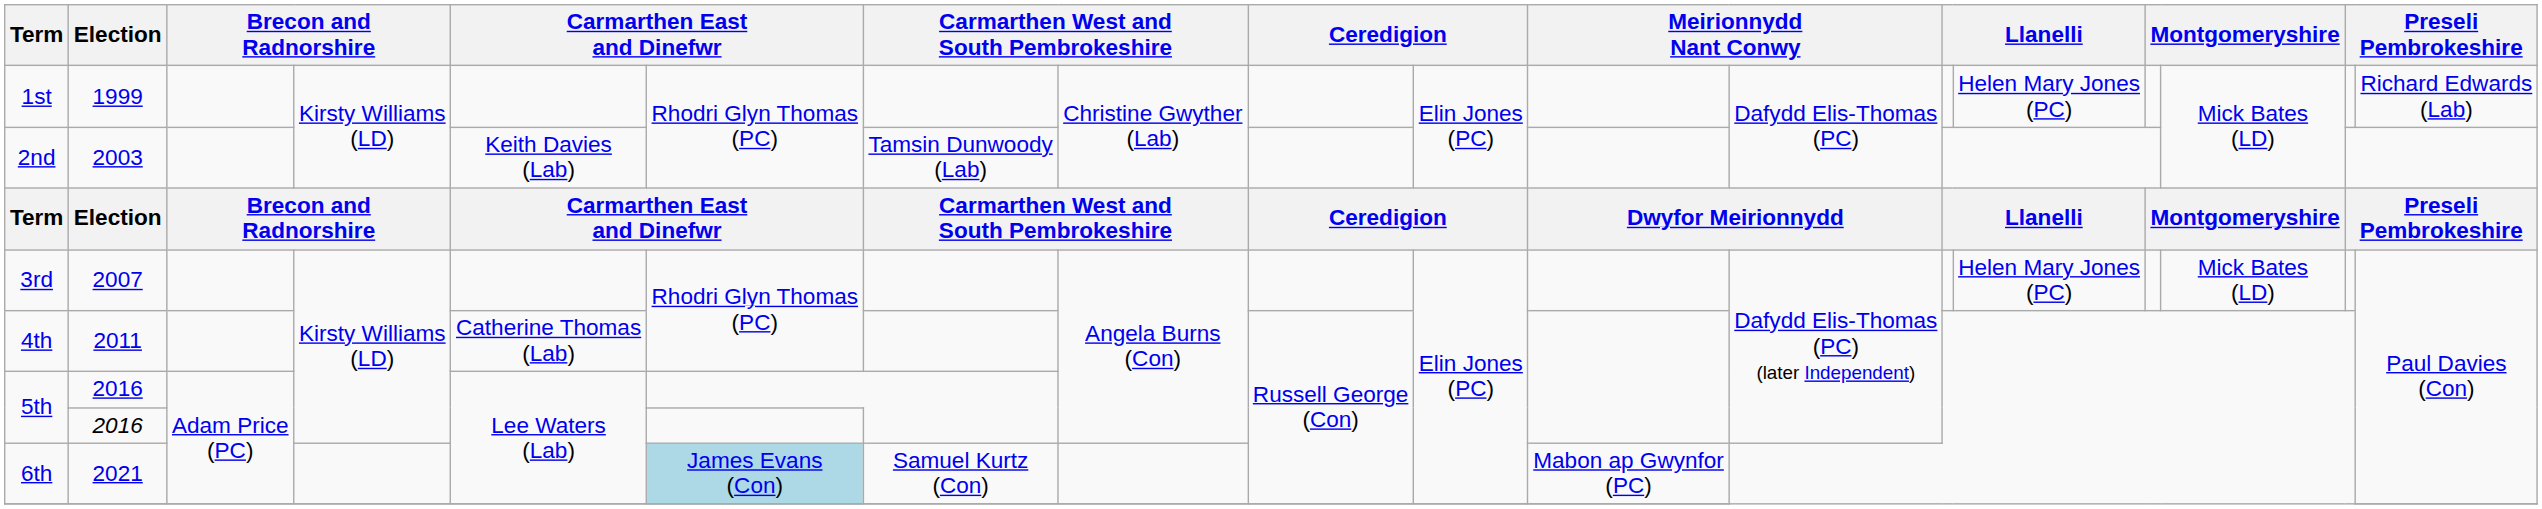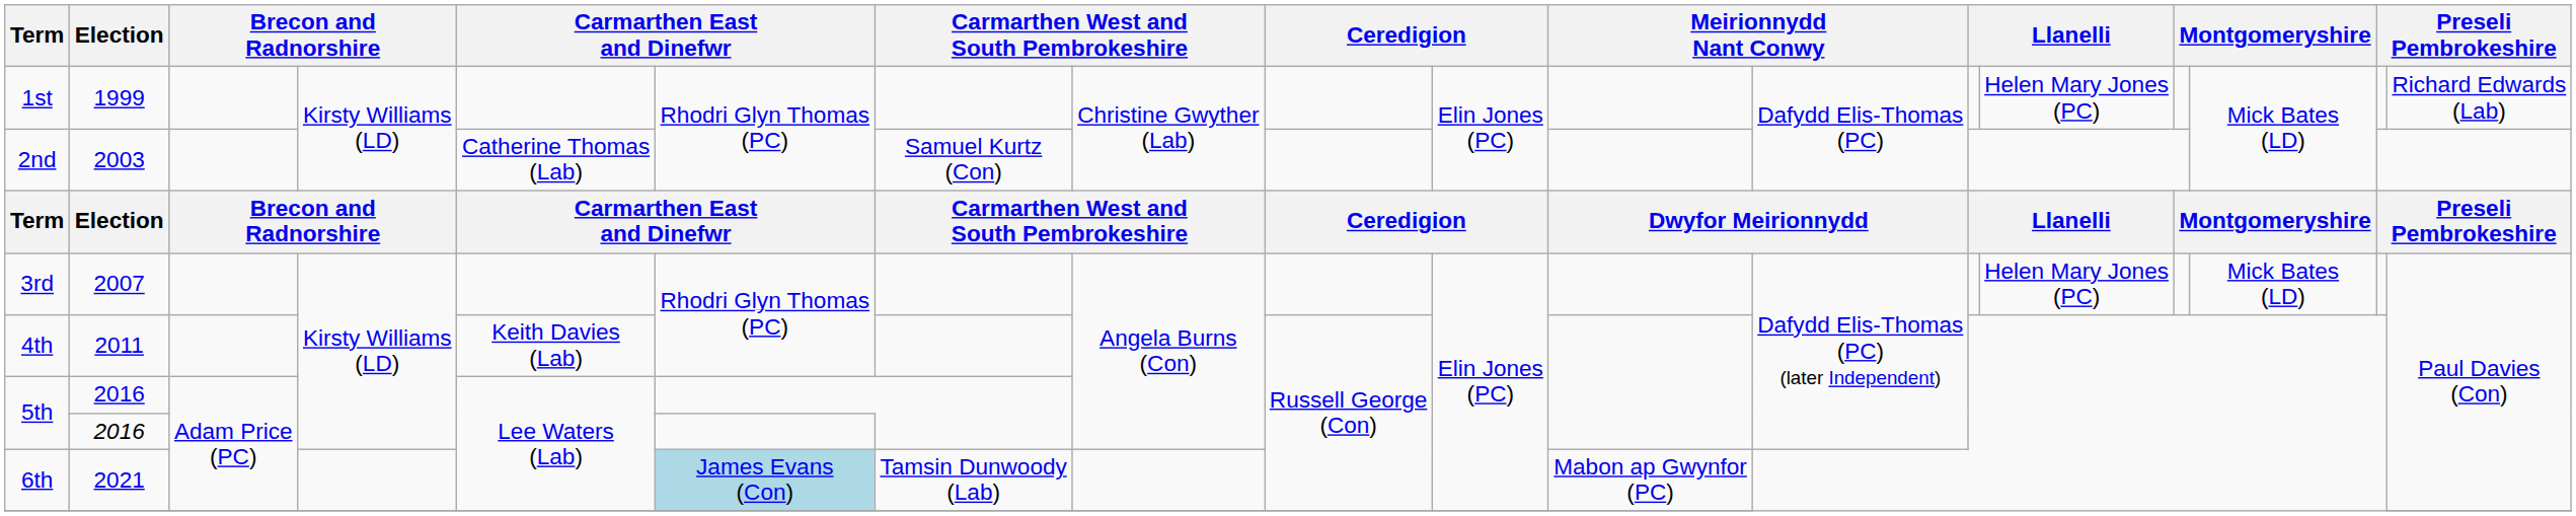 <table class="wikitable" style="text-align:center">
 <tr>
 <th>Term</th>
 <th>Election</th>
 <th colspan="2"><a href='#'>Brecon and<br>Radnorshire</a></th>
 <th colspan="2"><a href='#'>Carmarthen East<br>and Dinefwr</a></th>
 <th colspan="2"><a href='#'>Carmarthen West and<br>South Pembrokeshire</a></th>
 <th colspan="2"><a href='#'>Ceredigion</a></th>
 <th colspan="2"><a href='#'>Meirionnydd<br>Nant Conwy</a></th>
 <th colspan="2"><a href='#'>Llanelli</a></th>
 <th colspan="2"><a href='#'>Montgomeryshire</a></th>
 <th colspan="2"><a href='#'>Preseli<br>Pembrokeshire</a></th>
 </tr>
 <tr>
 <td><a href='#'>1st</a></td>
 <td><a href='#'>1999</a></td>
 <td></td>
 <td rowspan="2"><a href='#'>Kirsty Williams</a><br>(<a href='#'>LD</a>)</td>
 <td></td>
 <td rowspan="2"><a href='#'>Rhodri Glyn Thomas</a><br>(<a href='#'>PC</a>)</td>
 <td></td>
 <td rowspan="2"><a href='#'>Christine Gwyther</a><br>(<a href='#'>Lab</a>)</td>
 <td></td>
 <td rowspan="2"><a href='#'>Elin Jones</a><br>(<a href='#'>PC</a>)</td>
 <td></td>
 <td rowspan="2"><a href='#'>Dafydd Elis-Thomas</a><br>(<a href='#'>PC</a>)</td>
 <td style="color:inherit;background:"></td>
 <td><a href='#'>Helen Mary Jones</a><br>(<a href='#'>PC</a>)</td>
 <td></td>
 <td rowspan="2"><a href='#'>Mick Bates</a><br>(<a href='#'>LD</a>)</td>
 <td></td>
 <td><a href='#'>Richard Edwards</a><br>(<a href='#'>Lab</a>)</td>
 </tr>
 <tr>
 <td><a href='#'>2nd</a></td>
 <td><a href='#'>2003</a></td>
 <td style="color:inherit;background:"></td>
-<td><a href='#'>Keith Davies</a><br>(<a href='#'>Lab</a>)</td>
-<td><a href='#'>Tamsin Dunwoody</a><br>(<a href='#'>Lab</a>)</td>
+<td><a href='#'>Catherine Thomas</a><br>(<a href='#'>Lab</a>)</td>
+<td><a href='#'>Samuel Kurtz</a><br>(<a href='#'>Con</a>)</td>
 </tr>
 <tr>
 <th>Term</th>
 <th>Election</th>
 <th colspan="2"><a href='#'>Brecon and<br>Radnorshire</a></th>
 <th colspan="2"><a href='#'>Carmarthen East<br>and Dinefwr</a></th>
 <th colspan="2"><a href='#'>Carmarthen West and<br>South Pembrokeshire</a></th>
 <th colspan="2"><a href='#'>Ceredigion</a></th>
 <th colspan="2"><a href='#'>Dwyfor Meirionnydd</a></th>
 <th colspan="2"><a href='#'>Llanelli</a></th>
 <th colspan="2"><a href='#'>Montgomeryshire</a></th>
 <th colspan="2"><a href='#'>Preseli<br>Pembrokeshire</a></th>
 </tr>
 <tr>
 <td><a href='#'>3rd</a></td>
 <td><a href='#'>2007</a></td>
 <td></td>
 <td rowspan="4"><a href='#'>Kirsty Williams</a><br>(<a href='#'>LD</a>)</td>
 <td></td>
 <td rowspan="2"><a href='#'>Rhodri Glyn Thomas</a><br>(<a href='#'>PC</a>)</td>
 <td></td>
 <td rowspan="4"><a href='#'>Angela Burns</a><br>(<a href='#'>Con</a>)</td>
 <td></td>
 <td rowspan="5"><a href='#'>Elin Jones</a><br>(<a href='#'>PC</a>)</td>
 <td></td>
 <td rowspan="4"><a href='#'>Dafydd Elis-Thomas</a><br>(<a href='#'>PC</a>)<br><small>(later <a href='#'>Independent</a>)</small></td>
 <td style="color:inherit;background:"></td>
 <td><a href='#'>Helen Mary Jones</a><br>(<a href='#'>PC</a>)</td>
 <td style="color:inherit;background:"></td>
 <td><a href='#'>Mick Bates</a><br>(<a href='#'>LD</a>)</td>
 <td></td>
 <td rowspan="5"><a href='#'>Paul Davies</a><br>(<a href='#'>Con</a>)</td>
 </tr>
 <tr>
 <td><a href='#'>4th</a></td>
 <td><a href='#'>2011</a></td>
 <td></td>
-<td><a href='#'>Catherine Thomas</a><br>(<a href='#'>Lab</a>)</td>
+<td><a href='#'>Keith Davies</a><br>(<a href='#'>Lab</a>)</td>
 <td></td>
 <td rowspan="4"><a href='#'>Russell George</a><br>(<a href='#'>Con</a>)</td>
 </tr>
 <tr>
 <td rowspan="2"><a href='#'>5th</a></td>
 <td><a href='#'>2016</a></td>
 <td rowspan="3"><a href='#'>Adam Price</a><br>(<a href='#'>PC</a>)</td>
 <td rowspan="3"><a href='#'>Lee Waters</a><br>(<a href='#'>Lab</a>)</td>
 </tr>
 <tr>
 <td><em>2016</em></td>
 <td style="color:inherit;background:"></td>
 </tr>
 <tr>
 <td><a href='#'>6th</a></td>
 <td><a href='#'>2021</a></td>
 <td style="color:inherit;background:"></td>
 <td style="background: lightblue;"><a href='#'>James Evans</a><br>(<a href='#'>Con</a>)</td>
-<td><a href='#'>Samuel Kurtz</a><br>(<a href='#'>Con</a>)</td>
+<td><a href='#'>Tamsin Dunwoody</a><br>(<a href='#'>Lab</a>)</td>
 <td style="color:inherit;background:"></td>
 <td><a href='#'>Mabon ap Gwynfor</a><br>(<a href='#'>PC</a>)</td>
 </tr>
 <tr>
 </tr>
 </table>
